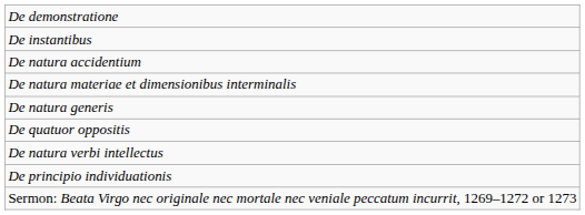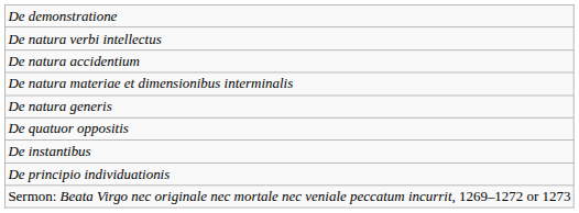 <table class="wikitable">
 <tr>
 <td><em>De demonstratione</em></td>
 </tr>
 <tr>
-<td><em>De instantibus</em></td>
+<td><em>De natura verbi intellectus</em></td>
 </tr>
 <tr>
 <td><em>De natura accidentium</em></td>
 </tr>
 <tr>
 <td><em>De natura materiae et dimensionibus interminalis</em></td>
 </tr>
 <tr>
 <td><em>De natura generis</em></td>
 </tr>
 <tr>
 <td><em>De quatuor oppositis</em></td>
 </tr>
 <tr>
-<td><em>De natura verbi intellectus</em></td>
+<td><em>De instantibus</em></td>
 </tr>
 <tr>
 <td><em>De principio individuationis</em></td>
 </tr>
 <tr>
 <td>Sermon: <em>Beata Virgo nec originale nec mortale nec veniale peccatum incurrit</em>, 1269–1272 or 1273</td>
 </tr>
 </table>
